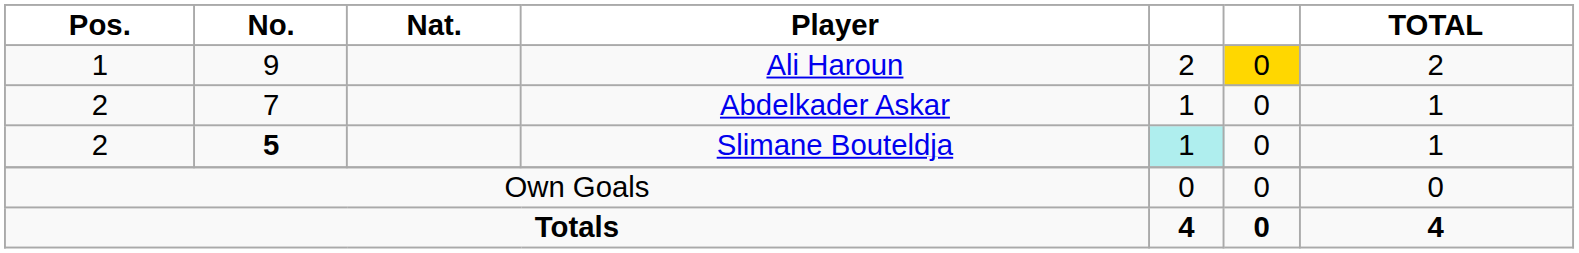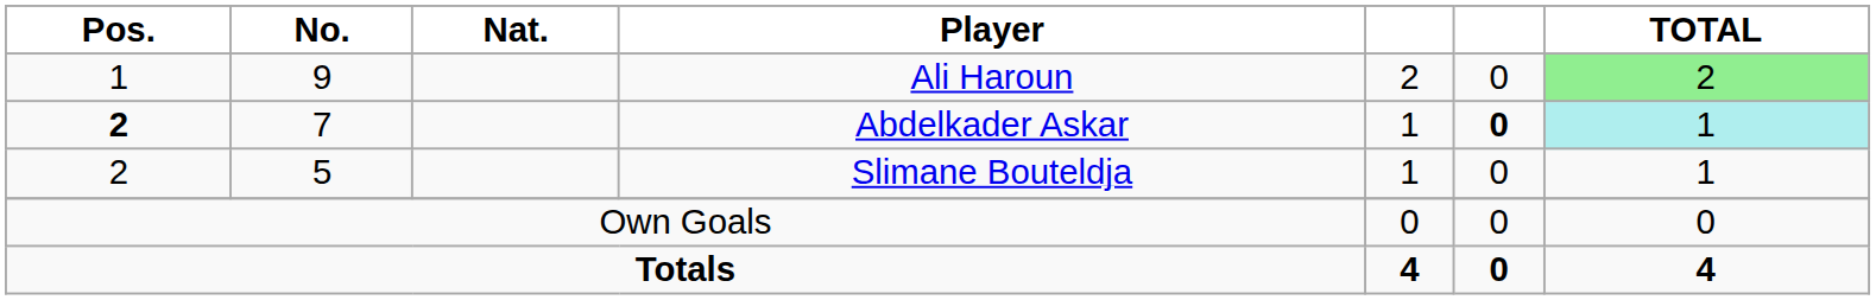 <table class="wikitable sortable alternance" style="font-size:96%; text-align:center; line-height:14px; width:65%;">
 <tr>
 <th style="background:white; color:black; text-align:center;">Pos.</th>
 <th style="background:white; color:black; text-align:center;">No.</th>
 <th style="background:white; color:black; text-align:center;">Nat.</th>
 <th style="background:white; color:black; text-align:center;">Player</th>
 <th style="background:white; color:black; text-align:center;"></th>
 <th style="background:white; color:black; text-align:center;"></th>
 <th style="background:white; color:black; text-align:center;">TOTAL</th>
 </tr>
 <tr>
 <td>1</td>
 <td>9</td>
 <td></td>
 <td><a href='#'>Ali Haroun</a></td>
 <td>2</td>
-<td style="background: gold;">0</td>
-<td>2</td>
+<td>0</td>
+<td style="background: lightgreen;">2</td>
 </tr>
 <tr>
-<td>2</td>
+<td><strong>2</strong></td>
 <td>7</td>
 <td></td>
 <td><a href='#'>Abdelkader Askar</a></td>
 <td>1</td>
-<td>0</td>
-<td>1</td>
+<td><strong>0</strong></td>
+<td style="background: paleturquoise;">1</td>
 </tr>
 <tr>
 <td>2</td>
-<td><strong>5</strong></td>
+<td>5</td>
 <td></td>
 <td><a href='#'>Slimane Bouteldja</a></td>
-<td style="background: paleturquoise;">1</td>
+<td>1</td>
 <td>0</td>
 <td>1</td>
 </tr>
 <tr>
 </tr>
 <tr class="sortbottom">
 <td colspan="4">Own Goals</td>
 <td>0</td>
 <td>0</td>
 <td>0</td>
 </tr>
 <tr class="sortbottom">
 <td colspan="4"><strong>Totals</strong></td>
 <td><strong>4</strong></td>
 <td><strong>0</strong></td>
 <td><strong>4</strong></td>
 </tr>
 </table>
